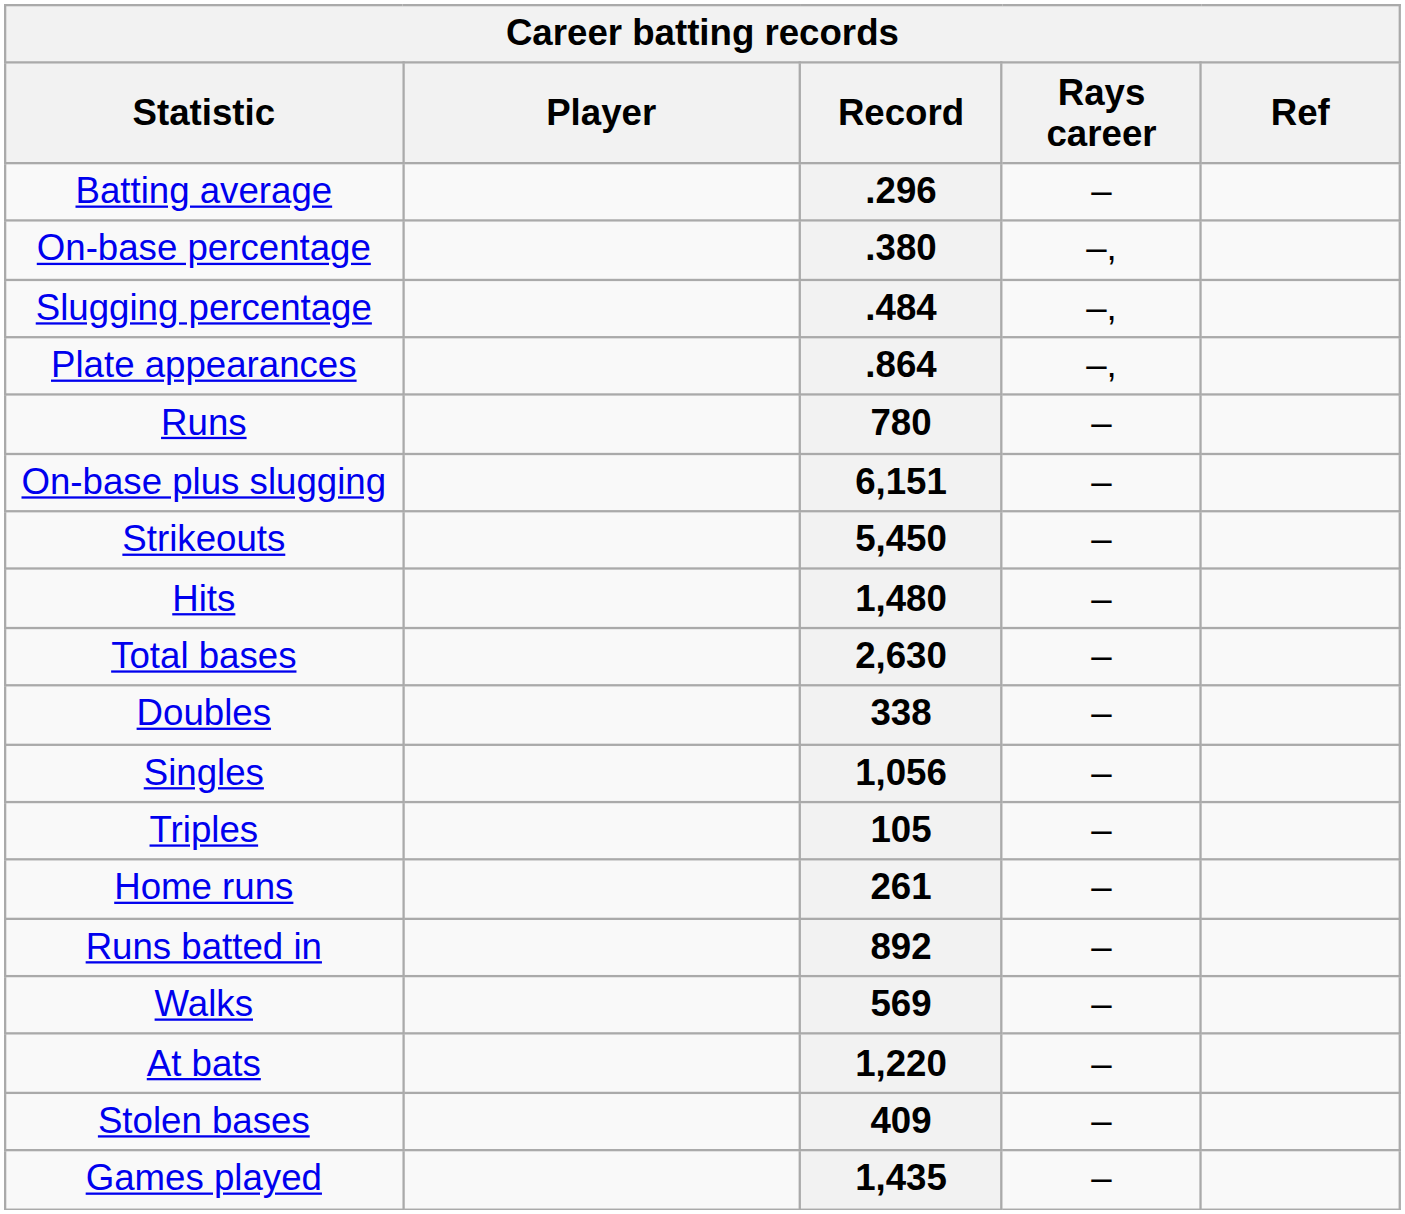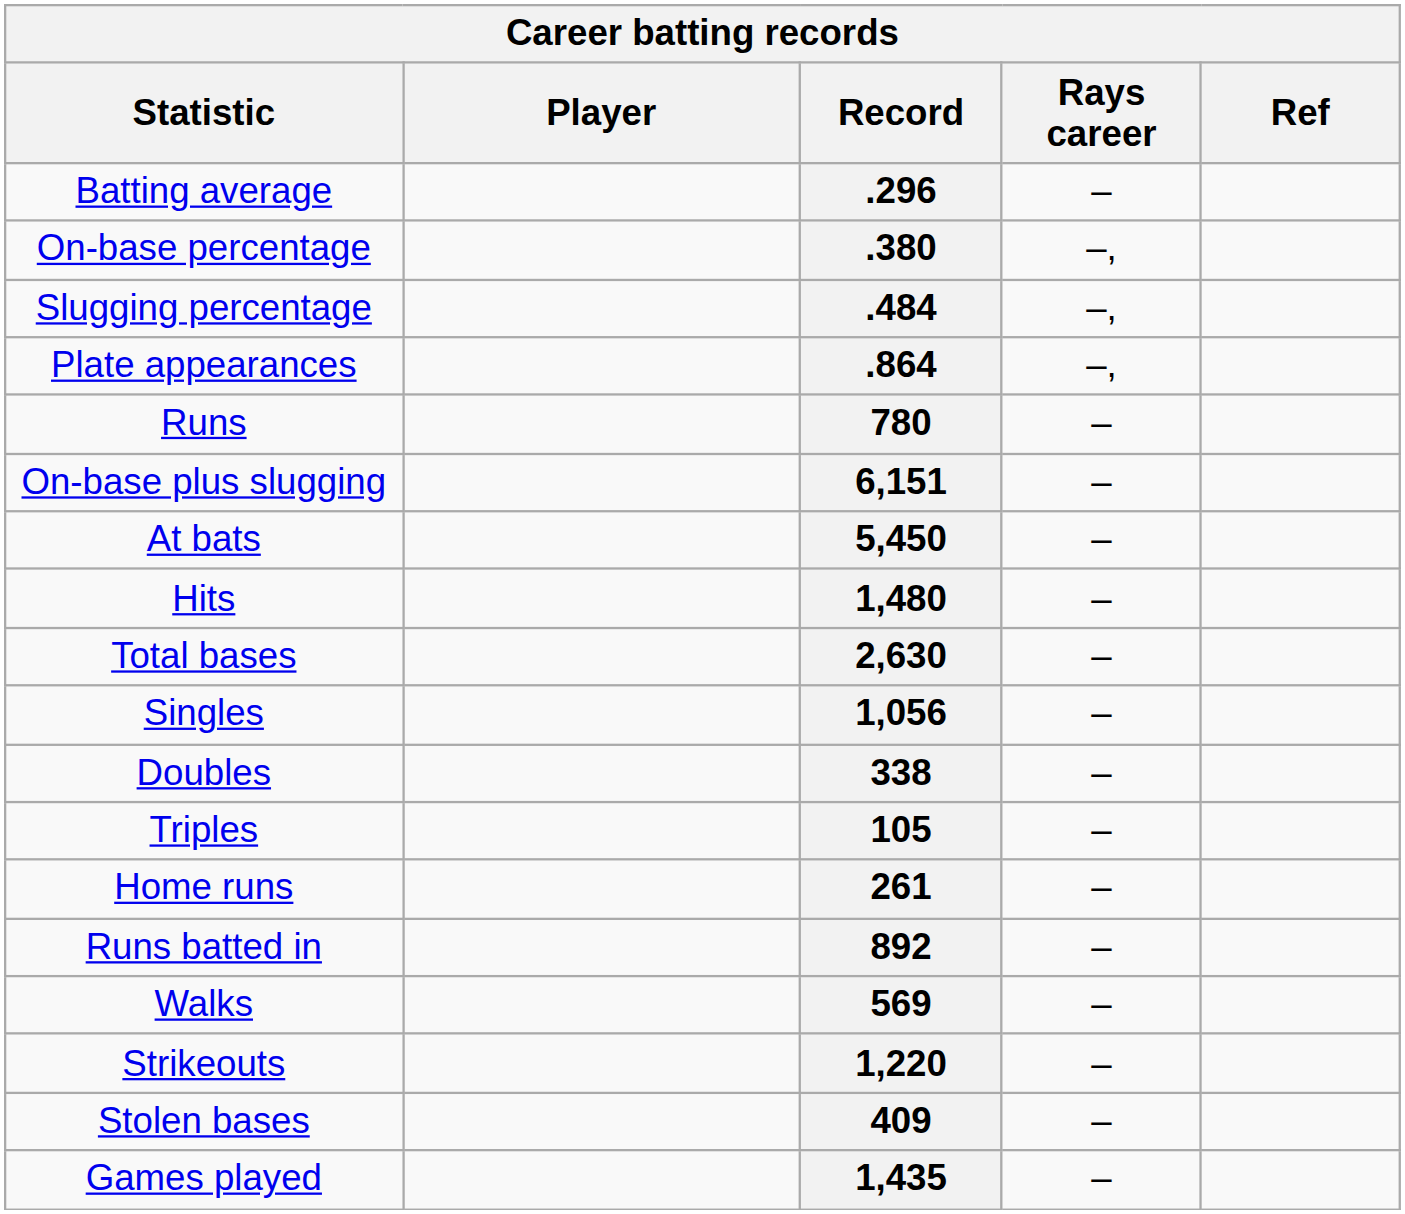 <table class="wikitable" style="text-align:center" width="69%">
 <tr>
 <th colspan=5>Career batting records</th>
 </tr>
 <tr>
 <th scope="col" width=20%>Statistic</th>
 <th scope="col" width=20%>Player</th>
 <th scope="col" width=10% class="unsortable">Record</th>
 <th scope="col" width=10%>Rays career</th>
 <th scope="col" width=10% class="unsortable">Ref</th>
 </tr>
 <tr>
 <td><a href='#'>Batting average</a></td>
 <td></td>
 <th scope="row">.296</th>
 <td>–</td>
 <td></td>
 </tr>
 <tr>
 <td><a href='#'>On-base percentage</a></td>
 <td></td>
 <th scope="row">.380</th>
 <td>–, </td>
 <td></td>
 </tr>
 <tr>
 <td><a href='#'>Slugging percentage</a></td>
 <td></td>
 <th scope="row">.484</th>
 <td>–, </td>
 <td></td>
 </tr>
 <tr>
 <td><a href='#'>Plate appearances</a></td>
 <td></td>
 <th scope="row">.864</th>
 <td>–, </td>
 <td></td>
 </tr>
 <tr>
 <td><a href='#'>Runs</a></td>
 <td></td>
 <th scope="row">780</th>
 <td>–</td>
 <td></td>
 </tr>
 <tr>
 <td><a href='#'>On-base plus slugging</a></td>
 <td></td>
 <th scope="row">6,151</th>
 <td>–</td>
 <td></td>
 </tr>
 <tr>
-<td><a href='#'>Strikeouts</a></td>
+<td><a href='#'>At bats</a></td>
 <td></td>
 <th scope="row">5,450</th>
 <td>–</td>
 <td></td>
 </tr>
 <tr>
 <td><a href='#'>Hits</a></td>
 <td></td>
 <th scope="row">1,480</th>
 <td>–</td>
 <td></td>
 </tr>
 <tr>
 <td><a href='#'>Total bases</a></td>
 <td></td>
 <th scope="row">2,630</th>
 <td>–</td>
 <td></td>
 </tr>
 <tr>
-<td><a href='#'>Doubles</a></td>
+<td><a href='#'>Singles</a></td>
 <td></td>
-<th scope="row">338</th>
+<th scope="row">1,056</th>
 <td>–</td>
 <td></td>
 </tr>
 <tr>
-<td><a href='#'>Singles</a></td>
+<td><a href='#'>Doubles</a></td>
 <td></td>
-<th scope="row">1,056</th>
+<th scope="row">338</th>
 <td>–</td>
 <td></td>
 </tr>
 <tr>
 <td><a href='#'>Triples</a></td>
 <td></td>
 <th scope="row">105</th>
 <td>–</td>
 <td></td>
 </tr>
 <tr>
 <td><a href='#'>Home runs</a></td>
 <td></td>
 <th scope="row">261</th>
 <td>–</td>
 <td></td>
 </tr>
 <tr>
 <td><a href='#'>Runs batted in</a></td>
 <td></td>
 <th scope="row">892</th>
 <td>–</td>
 <td></td>
 </tr>
 <tr>
 <td><a href='#'>Walks</a></td>
 <td></td>
 <th scope="row">569</th>
 <td>–</td>
 <td></td>
 </tr>
 <tr>
-<td><a href='#'>At bats</a></td>
+<td><a href='#'>Strikeouts</a></td>
 <td></td>
 <th scope="row">1,220</th>
 <td>–</td>
 <td></td>
 </tr>
 <tr>
 <td><a href='#'>Stolen bases</a></td>
 <td></td>
 <th scope="row">409</th>
 <td>–</td>
 <td></td>
 </tr>
 <tr>
 <td><a href='#'>Games played</a></td>
 <td></td>
 <th scope="row">1,435</th>
 <td>–</td>
 <td></td>
 </tr>
 </table>
